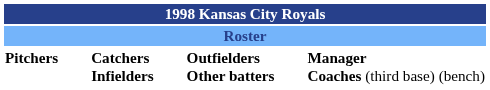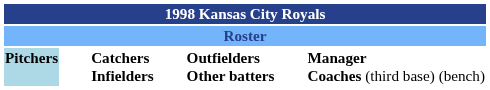 <table class="toccolours" style="font-size: 95%;">
 <tr>
 <th colspan="10" style="background-color: #27408B; color: #FFFFFF; text-align: center;">1998 Kansas City Royals</th>
 </tr>
 <tr>
 <td colspan="10" style="background-color: #74B4FA; color: #27408B; text-align: center;"><strong>Roster</strong></td>
 </tr>
 <tr>
-<td valign="top"><strong>Pitchers</strong><br>                     </td>
+<td valign="top" style="background: lightblue;"><strong>Pitchers</strong><br>                     </td>
 <td width="25px"></td>
 <td valign="top"><strong>Catchers</strong><br>      <strong>Infielders</strong>            </td>
 <td width="25px"></td>
 <td valign="top"><strong>Outfielders</strong><br>           <strong>Other batters</strong> </td>
 <td width="25px"></td>
 <td valign="top"><strong>Manager</strong><br> <strong>Coaches</strong>  (third base)     (bench) </td>
 </tr>
 </table>
